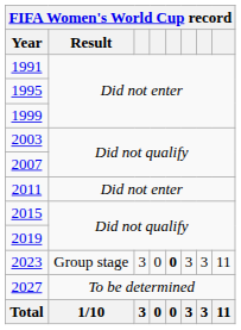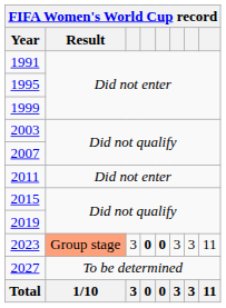 <table class="wikitable" style="text-align: center;">
 <tr>
 <th colspan=9><a href='#'>FIFA Women's World Cup</a> record</th>
 </tr>
 <tr>
 <th>Year</th>
 <th>Result</th>
 <th></th>
 <th></th>
 <th></th>
 <th></th>
 <th></th>
 <th></th>
 </tr>
 <tr>
 <td> <a href='#'>1991</a></td>
 <td colspan=7 rowspan=3><em>Did not enter</em></td>
 </tr>
 <tr>
 <td> <a href='#'>1995</a></td>
 </tr>
 <tr>
 <td> <a href='#'>1999</a></td>
 </tr>
 <tr>
 <td> <a href='#'>2003</a></td>
 <td colspan=7 rowspan=2><em>Did not qualify</em></td>
 </tr>
 <tr>
 <td> <a href='#'>2007</a></td>
 </tr>
 <tr>
 <td> <a href='#'>2011</a></td>
 <td colspan=7><em>Did not enter</em></td>
 </tr>
 <tr>
 <td> <a href='#'>2015</a></td>
 <td colspan=7 rowspan=2><em>Did not qualify</em></td>
 </tr>
 <tr>
 <td> <a href='#'>2019</a></td>
 </tr>
 <tr>
 <td> <a href='#'>2023</a></td>
-<td>Group stage</td>
+<td style="background: lightsalmon;">Group stage</td>
 <td>3</td>
-<td>0</td>
+<td><strong>0</strong></td>
 <td><strong>0</strong></td>
 <td>3</td>
 <td>3</td>
 <td>11</td>
 </tr>
 <tr>
 <td> <a href='#'>2027</a></td>
 <td colspan=7><em>To be determined</em></td>
 </tr>
 <tr>
 <th>Total</th>
 <th>1/10</th>
 <th>3</th>
 <th>0</th>
 <th>0</th>
 <th>3</th>
 <th>3</th>
 <th>11</th>
 </tr>
 </table>
